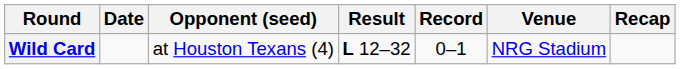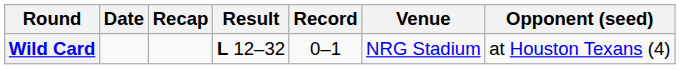 <table class="wikitable" style="text-align:center">
 <tr>
 <th>Round</th>
 <th>Date</th>
-<th>Opponent (seed)</th>
+<th>Recap</th>
 <th>Result</th>
 <th>Record</th>
 <th>Venue</th>
-<th>Recap</th>
+<th>Opponent (seed)</th>
 </tr>
 <tr>
 <th><a href='#'>Wild Card</a></th>
 <td></td>
-<td>at <a href='#'>Houston Texans</a> (4)</td>
+<td></td>
 <td><strong>L</strong> 12–32</td>
 <td>0–1</td>
 <td><a href='#'>NRG Stadium</a></td>
-<td></td>
+<td>at <a href='#'>Houston Texans</a> (4)</td>
 </tr>
 </table>
